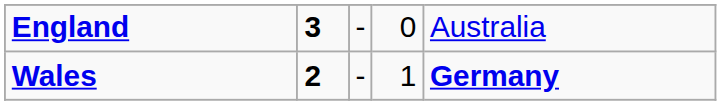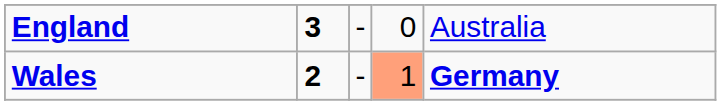 <table class="wikitable">
 <tr>
 <td width=150> <strong><a href='#'>England</a></strong></td>
 <td style="width:20px; text-align:left;"><strong>3</strong></td>
 <td>-</td>
 <td style="width:20px; text-align:right;">0</td>
 <td width=150> <a href='#'>Australia</a></td>
 </tr>
 <tr>
 <td> <strong><a href='#'>Wales</a></strong></td>
 <td style="text-align:left;"><strong>2</strong></td>
 <td>-</td>
-<td style="text-align:right;">1</td>
+<td style="background: lightsalmon; text-align:right;">1</td>
 <td><strong> <a href='#'>Germany</a></strong></td>
 </tr>
 </table>
